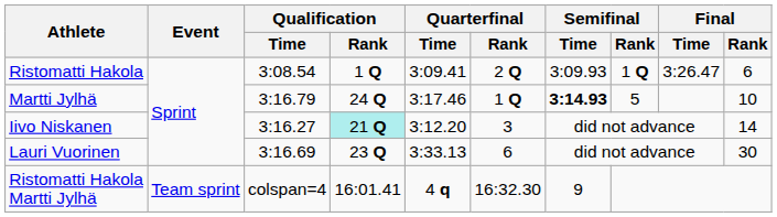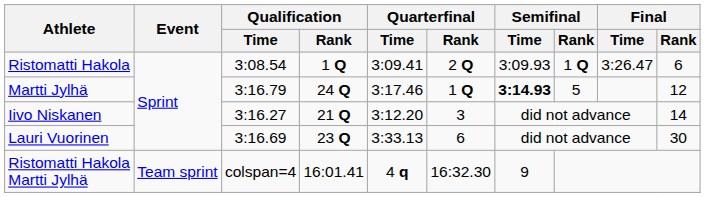 <table class="wikitable" style="font-size:90%">
 <tr>
 <th rowspan="2">Athlete</th>
 <th rowspan="2">Event</th>
 <th colspan="2">Qualification</th>
 <th colspan="2">Quarterfinal</th>
 <th colspan="2">Semifinal</th>
 <th colspan="2">Final</th>
 </tr>
 <tr style="font-size:95%">
 <th>Time</th>
 <th>Rank</th>
 <th>Time</th>
 <th>Rank</th>
 <th>Time</th>
 <th>Rank</th>
 <th>Time</th>
 <th>Rank</th>
 </tr>
 <tr align=center>
 <td align=left><a href='#'>Ristomatti Hakola</a></td>
 <td align=left rowspan=4><a href='#'>Sprint</a></td>
 <td>3:08.54</td>
 <td>1 <strong>Q</strong></td>
 <td>3:09.41</td>
 <td>2 <strong>Q</strong></td>
 <td>3:09.93</td>
 <td>1 <strong>Q</strong></td>
 <td>3:26.47</td>
 <td>6</td>
 </tr>
 <tr align=center>
 <td align=left><a href='#'>Martti Jylhä</a></td>
 <td>3:16.79</td>
 <td>24 <strong>Q</strong></td>
 <td>3:17.46</td>
 <td>1 <strong>Q</strong></td>
 <td><strong>3:14.93</strong></td>
 <td>5</td>
 <td></td>
-<td>10</td>
+<td>12</td>
 </tr>
 <tr align=center>
 <td align=left><a href='#'>Iivo Niskanen</a></td>
 <td>3:16.27</td>
-<td style="background: paleturquoise;">21 <strong>Q</strong></td>
+<td>21 <strong>Q</strong></td>
 <td>3:12.20</td>
 <td>3</td>
 <td colspan=3>did not advance</td>
 <td>14</td>
 </tr>
 <tr align=center>
 <td align=left><a href='#'>Lauri Vuorinen</a></td>
 <td>3:16.69</td>
 <td>23 <strong>Q</strong></td>
 <td>3:33.13</td>
 <td>6</td>
 <td colspan=3>did not advance</td>
 <td>30</td>
 </tr>
 <tr align=center>
 <td align=left><a href='#'>Ristomatti Hakola</a><br><a href='#'>Martti Jylhä</a></td>
 <td align=left><a href='#'>Team sprint</a></td>
 <td>colspan=4 </td>
 <td>16:01.41</td>
 <td>4 <strong>q</strong></td>
 <td>16:32.30</td>
 <td>9</td>
 </tr>
 </table>
